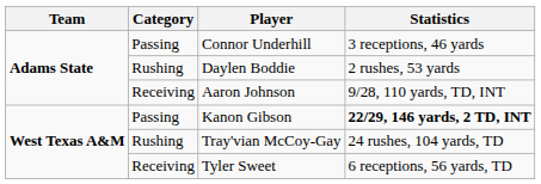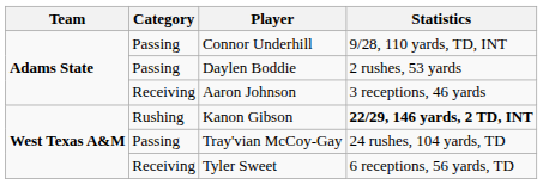 <table class="wikitable" style="float: right;">
 <tr>
 <th>Team</th>
 <th>Category</th>
 <th>Player</th>
 <th>Statistics</th>
 </tr>
 <tr>
 <td rowspan=3><strong>Adams State</strong></td>
 <td>Passing</td>
 <td>Connor Underhill</td>
-<td>3 receptions, 46 yards</td>
+<td>9/28, 110 yards, TD, INT</td>
 </tr>
 <tr>
-<td>Rushing</td>
+<td>Passing</td>
 <td>Daylen Boddie</td>
 <td>2 rushes, 53 yards</td>
 </tr>
 <tr>
 <td>Receiving</td>
 <td>Aaron Johnson</td>
-<td>9/28, 110 yards, TD, INT</td>
+<td>3 receptions, 46 yards</td>
 </tr>
 <tr>
 <td rowspan=3><strong>West Texas A&M</strong></td>
-<td>Passing</td>
+<td>Rushing</td>
 <td>Kanon Gibson</td>
 <td><strong>22/29, 146 yards, 2 TD, INT</strong></td>
 </tr>
 <tr>
-<td>Rushing</td>
+<td>Passing</td>
 <td>Tray'vian McCoy-Gay</td>
 <td>24 rushes, 104 yards, TD</td>
 </tr>
 <tr>
 <td>Receiving</td>
 <td>Tyler Sweet</td>
 <td>6 receptions, 56 yards, TD</td>
 </tr>
 </table>
